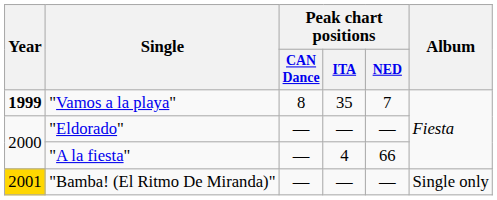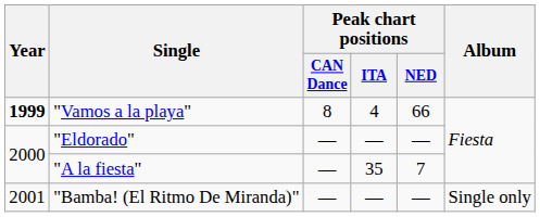 <table class="wikitable" style="text-align:center;">
 <tr>
 <th rowspan="2">Year</th>
 <th rowspan="2">Single</th>
 <th colspan="3">Peak chart positions</th>
 <th rowspan="2">Album</th>
 </tr>
 <tr style="font-size:smaller;">
 <th width="35"><a href='#'>CAN<br>Dance</a></th>
 <th width="35"><a href='#'>ITA</a></th>
 <th width="35"><a href='#'>NED</a></th>
 </tr>
 <tr>
 <td><strong>1999</strong></td>
 <td align="left">"<a href='#'>Vamos a la playa</a>"</td>
 <td>8</td>
-<td>35</td>
-<td>7</td>
+<td>4</td>
+<td>66</td>
 <td align="left" rowspan="3"><em>Fiesta</em></td>
 </tr>
 <tr>
 <td rowspan="2">2000</td>
 <td align="left">"<a href='#'>Eldorado</a>"</td>
 <td>—</td>
 <td>—</td>
 <td>—</td>
 </tr>
 <tr>
 <td align="left">"<a href='#'>A la fiesta</a>"</td>
 <td>—</td>
-<td>4</td>
-<td>66</td>
+<td>35</td>
+<td>7</td>
 </tr>
 <tr>
-<td style="background: gold;">2001</td>
+<td>2001</td>
 <td align="left">"Bamba! (El Ritmo De Miranda)"</td>
 <td>—</td>
 <td>—</td>
 <td>—</td>
 <td align="left">Single only</td>
 </tr>
 </table>
